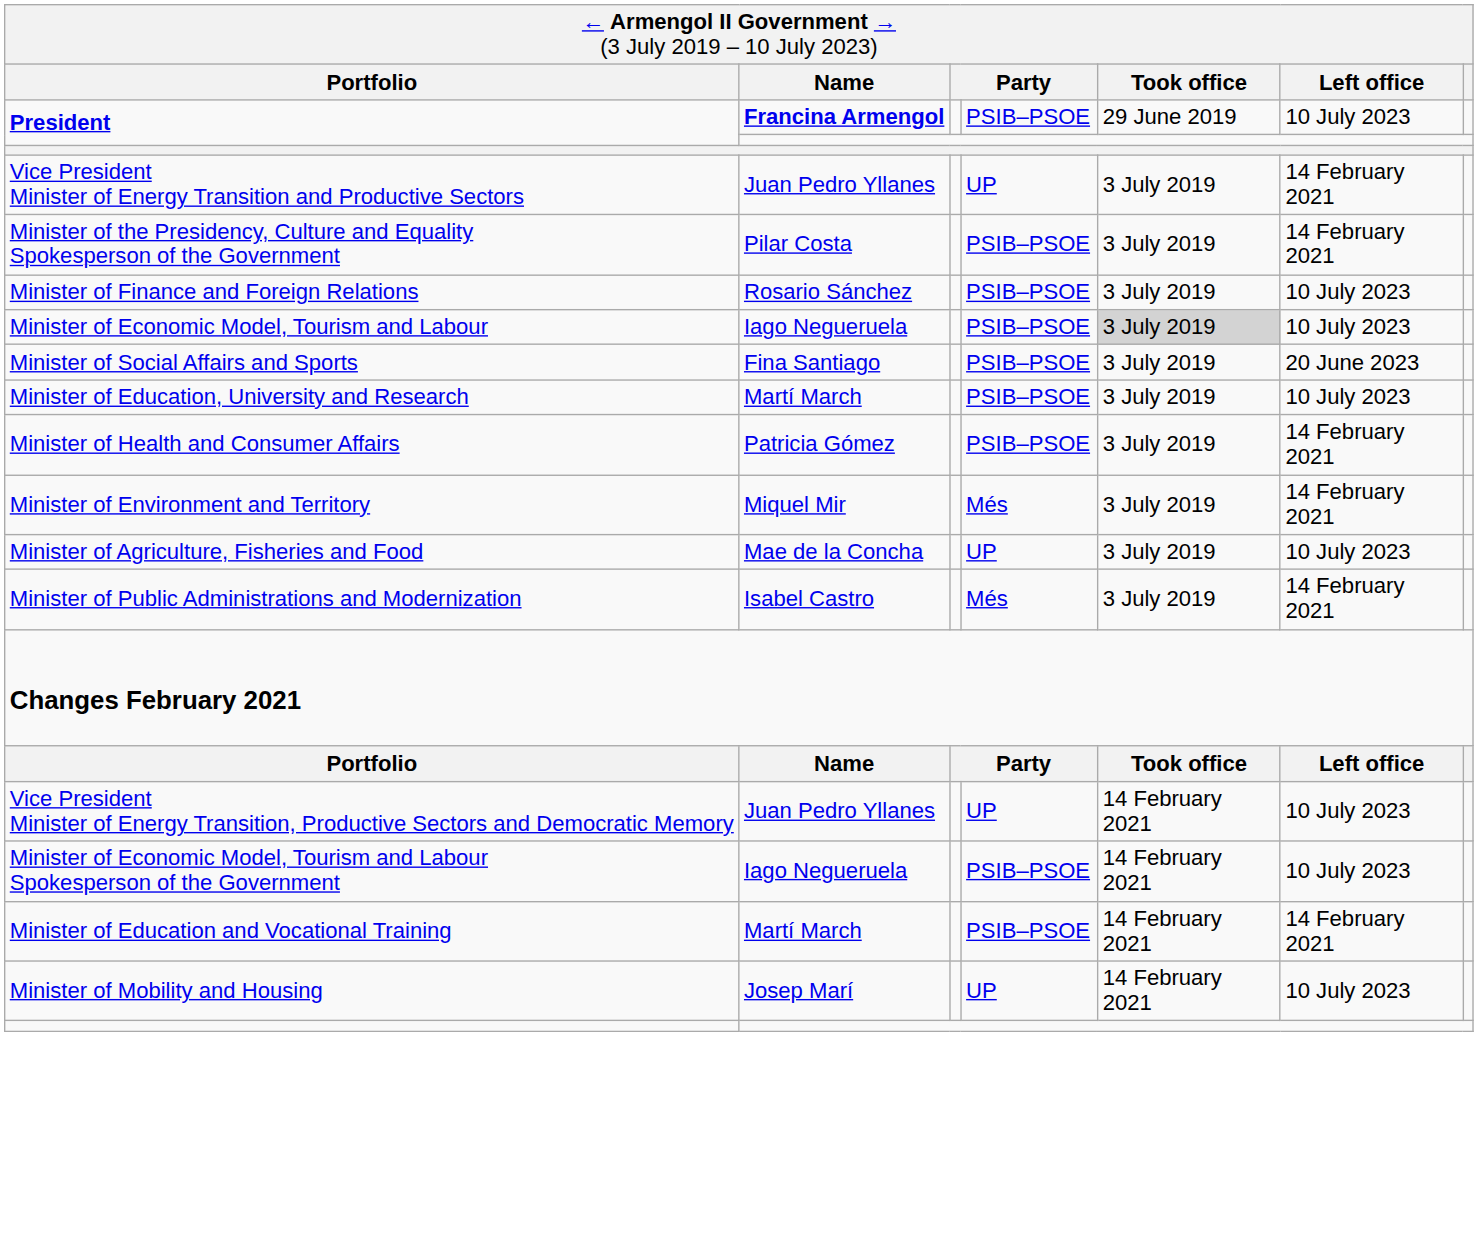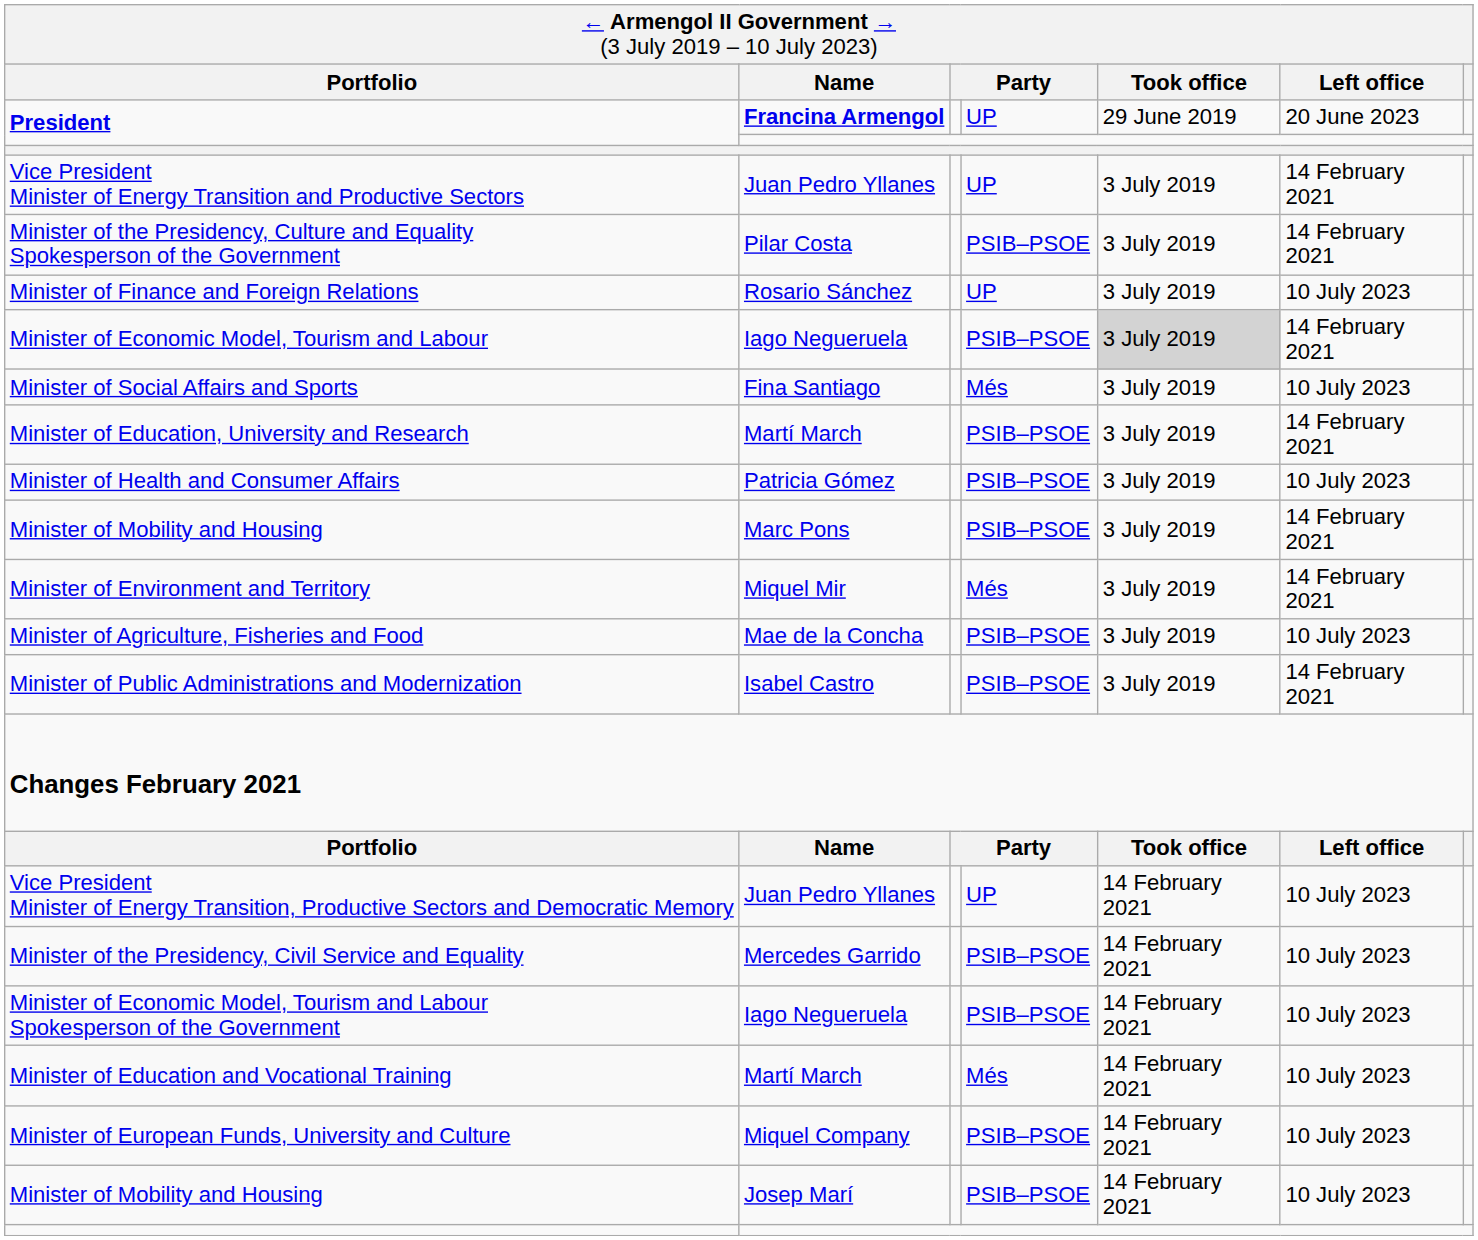 <table class="wikitable">
 <tr>
 <td colspan="7" bgcolor="#F2F2F2" align="center"><a href='#'>←</a> <strong>Armengol II Government</strong> <a href='#'>→</a><br>(3 July 2019 – 10 July 2023)</td>
 </tr>
 <tr>
 <th>Portfolio</th>
 <th>Name</th>
 <th width="100px" colspan="2">Party</th>
 <th width="125px">Took office</th>
 <th width="125px">Left office</th>
 <th></th>
 </tr>
 <tr>
 <td rowspan=2><strong><a href='#'>President</a></strong></td>
 <td><strong><a href='#'>Francina Armengol</a></strong></td>
 <td width="1" style="background-color:"></td>
-<td><a href='#'>PSIB–PSOE</a></td>
+<td><a href='#'>UP</a> </td>
 <td>29 June 2019</td>
-<td>10 July 2023</td>
+<td>20 June 2023</td>
 <td align="center"></td>
 </tr>
 <tr>
 <td colspan="6"></td>
 </tr>
 <tr>
 <th colspan="7"></th>
 </tr>
 <tr>
 <td><a href='#'>Vice President</a><br><a href='#'>Minister of Energy Transition and Productive Sectors</a></td>
 <td><a href='#'>Juan Pedro Yllanes</a></td>
 <td style="background-color:"></td>
 <td><a href='#'>UP</a> </td>
 <td>3 July 2019</td>
 <td>14 February 2021</td>
 <td align="center"></td>
 </tr>
 <tr>
 <td><a href='#'>Minister of the Presidency, Culture and Equality</a><br><a href='#'>Spokesperson of the Government</a></td>
 <td><a href='#'>Pilar Costa</a></td>
 <td style="background-color:"></td>
 <td><a href='#'>PSIB–PSOE</a></td>
 <td>3 July 2019</td>
 <td>14 February 2021</td>
 <td align="center"></td>
 </tr>
 <tr>
 <td><a href='#'>Minister of Finance and Foreign Relations</a></td>
 <td><a href='#'>Rosario Sánchez</a></td>
 <td style="background-color:"></td>
-<td><a href='#'>PSIB–PSOE</a></td>
+<td><a href='#'>UP</a> </td>
 <td>3 July 2019</td>
 <td>10 July 2023</td>
 <td align="center"></td>
 </tr>
 <tr>
 <td><a href='#'>Minister of Economic Model, Tourism and Labour</a></td>
 <td><a href='#'>Iago Negueruela</a></td>
 <td style="background-color:"></td>
 <td><a href='#'>PSIB–PSOE</a></td>
 <td style="background: lightgrey;">3 July 2019</td>
-<td>10 July 2023</td>
+<td>14 February 2021</td>
 <td align="center"></td>
 </tr>
 <tr>
 <td><a href='#'>Minister of Social Affairs and Sports</a></td>
 <td><a href='#'>Fina Santiago</a></td>
 <td style="background-color:"></td>
-<td><a href='#'>PSIB–PSOE</a></td>
+<td><a href='#'>Més</a></td>
 <td>3 July 2019</td>
-<td>20 June 2023</td>
+<td>10 July 2023</td>
 <td align="center"></td>
 </tr>
 <tr>
 <td><a href='#'>Minister of Education, University and Research</a></td>
 <td><a href='#'>Martí March</a></td>
 <td style="background-color:"></td>
 <td><a href='#'>PSIB–PSOE</a> </td>
 <td>3 July 2019</td>
-<td>10 July 2023</td>
+<td>14 February 2021</td>
 <td align="center"></td>
 </tr>
 <tr>
 <td><a href='#'>Minister of Health and Consumer Affairs</a></td>
 <td><a href='#'>Patricia Gómez</a></td>
+<td style="background-color:"></td>
+<td><a href='#'>PSIB–PSOE</a></td>
+<td>3 July 2019</td>
+<td>10 July 2023</td>
+<td align="center"></td>
+</tr>
+<tr>
+<td><a href='#'>Minister of Mobility and Housing</a></td>
+<td><a href='#'>Marc Pons</a></td>
 <td style="background-color:"></td>
 <td><a href='#'>PSIB–PSOE</a></td>
 <td>3 July 2019</td>
 <td>14 February 2021</td>
 <td align="center"></td>
 </tr>
 <tr>
 <td><a href='#'>Minister of Environment and Territory</a></td>
 <td><a href='#'>Miquel Mir</a></td>
 <td style="background-color:"></td>
 <td><a href='#'>Més</a></td>
 <td>3 July 2019</td>
 <td>14 February 2021</td>
 <td align="center"></td>
 </tr>
 <tr>
 <td><a href='#'>Minister of Agriculture, Fisheries and Food</a></td>
 <td><a href='#'>Mae de la Concha</a></td>
 <td style="background-color:"></td>
-<td><a href='#'>UP</a> </td>
+<td><a href='#'>PSIB–PSOE</a></td>
 <td>3 July 2019</td>
 <td>10 July 2023</td>
 <td align="center"></td>
 </tr>
 <tr>
 <td><a href='#'>Minister of Public Administrations and Modernization</a></td>
 <td><a href='#'>Isabel Castro</a></td>
 <td style="background-color:"></td>
-<td><a href='#'>Més</a></td>
+<td><a href='#'>PSIB–PSOE</a></td>
 <td>3 July 2019</td>
 <td>14 February 2021</td>
 <td align="center"></td>
 </tr>
 <tr>
 <td colspan="7"><br><h3>Changes February 2021</h3></td>
 </tr>
 <tr>
 <th>Portfolio</th>
 <th>Name</th>
 <th colspan="2">Party</th>
 <th>Took office</th>
 <th>Left office</th>
 <th></th>
 </tr>
 <tr>
 <td><a href='#'>Vice President</a><br><a href='#'>Minister of Energy Transition, Productive Sectors and Democratic Memory</a></td>
 <td><a href='#'>Juan Pedro Yllanes</a></td>
 <td style="background-color:"></td>
 <td><a href='#'>UP</a> </td>
 <td>14 February 2021</td>
 <td>10 July 2023</td>
 <td align="center"></td>
 </tr>
 <tr>
+<td><a href='#'>Minister of the Presidency, Civil Service and Equality</a></td>
+<td><a href='#'>Mercedes Garrido</a></td>
+<td style="background-color:"></td>
+<td><a href='#'>PSIB–PSOE</a></td>
+<td>14 February 2021</td>
+<td>10 July 2023</td>
+<td align="center"></td>
+</tr>
+<tr>
 <td><a href='#'>Minister of Economic Model, Tourism and Labour</a><br><a href='#'>Spokesperson of the Government</a></td>
 <td><a href='#'>Iago Negueruela</a></td>
 <td style="background-color:"></td>
 <td><a href='#'>PSIB–PSOE</a></td>
 <td>14 February 2021</td>
 <td>10 July 2023</td>
 <td align="center"></td>
 </tr>
 <tr>
 <td><a href='#'>Minister of Education and Vocational Training</a></td>
 <td><a href='#'>Martí March</a></td>
 <td style="background-color:"></td>
-<td><a href='#'>PSIB–PSOE</a> </td>
+<td><a href='#'>Més</a></td>
 <td>14 February 2021</td>
+<td>10 July 2023</td>
+<td align="center"></td>
+</tr>
+<tr>
+<td><a href='#'>Minister of European Funds, University and Culture</a></td>
+<td><a href='#'>Miquel Company</a></td>
+<td style="background-color:"></td>
+<td><a href='#'>PSIB–PSOE</a></td>
 <td>14 February 2021</td>
+<td>10 July 2023</td>
 <td align="center"></td>
 </tr>
 <tr>
 <td><a href='#'>Minister of Mobility and Housing</a></td>
 <td><a href='#'>Josep Marí</a></td>
 <td style="background-color:"></td>
-<td><a href='#'>UP</a> </td>
+<td><a href='#'>PSIB–PSOE</a></td>
 <td>14 February 2021</td>
 <td>10 July 2023</td>
 <td align="center"></td>
 </tr>
 <tr>
 <td></td>
 <td colspan="6"></td>
 </tr>
 </table>
